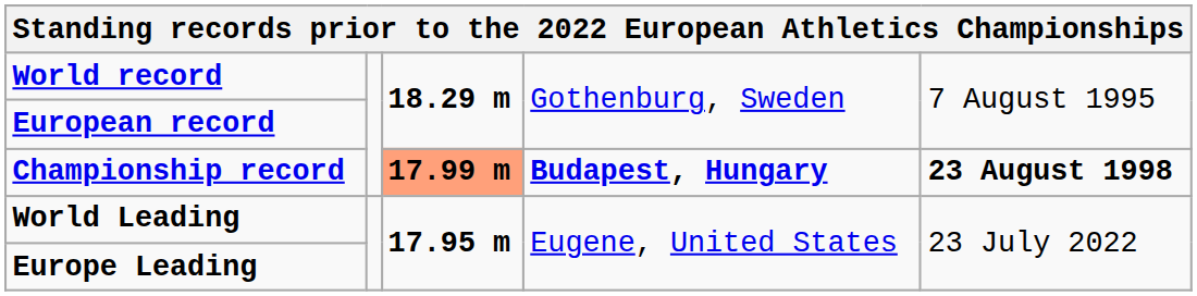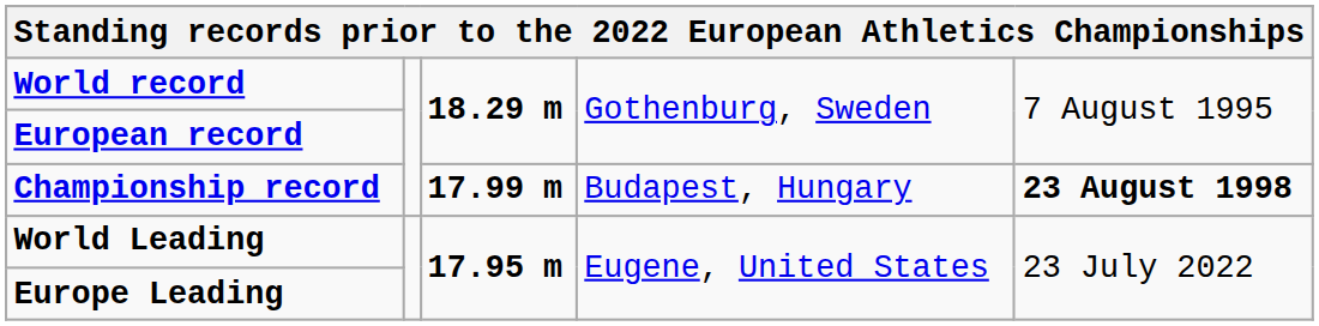 <table class="wikitable">
 <tr>
 <th colspan="5">Standing records prior to the 2022 European Athletics Championships</th>
 </tr>
 <tr>
 <td><strong><a href='#'>World record</a></strong></td>
 <td rowspan=3></td>
 <td rowspan=2><strong>18.29 m</strong></td>
 <td rowspan=2><a href='#'>Gothenburg</a>, <a href='#'>Sweden</a></td>
 <td rowspan=2>7 August 1995</td>
 </tr>
 <tr>
 <td><strong><a href='#'>European record</a></strong></td>
 </tr>
 <tr>
 <td><strong><a href='#'>Championship record</a></strong></td>
-<td style="background: lightsalmon;"><strong>17.99 m</strong></td>
-<td><strong><a href='#'>Budapest</a>, <a href='#'>Hungary</a></strong></td>
+<td><strong>17.99 m</strong></td>
+<td><a href='#'>Budapest</a>, <a href='#'>Hungary</a></td>
 <td><strong>23 August 1998</strong></td>
 </tr>
 <tr>
 <td><strong>World Leading</strong></td>
 <td rowspan=2></td>
 <td rowspan=2><strong>17.95 m</strong></td>
 <td rowspan=2><a href='#'>Eugene</a>, <a href='#'>United States</a></td>
 <td rowspan=2>23 July 2022</td>
 </tr>
 <tr>
 <td><strong>Europe Leading</strong></td>
 </tr>
 </table>
